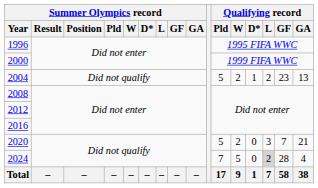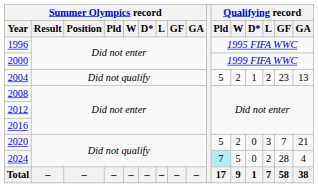 <table class="wikitable" style="text-align: center;">
 <tr>
 <th colspan=9><a href='#'>Summer Olympics</a> record</th>
 <th rowspan=11></th>
 <th colspan=6><a href='#'>Qualifying</a> record</th>
 </tr>
 <tr>
 <th>Year</th>
 <th>Result</th>
 <th>Position</th>
 <th>Pld</th>
 <th>W</th>
 <th>D*</th>
 <th>L</th>
 <th>GF</th>
 <th>GA</th>
 <th>Pld</th>
 <th>W</th>
 <th>D*</th>
 <th>L</th>
 <th>GF</th>
 <th>GA</th>
 </tr>
 <tr>
 <td> <a href='#'>1996</a></td>
 <td colspan=8 rowspan=2><em>Did not enter</em></td>
 <td colspan=6><em><a href='#'>1995 FIFA WWC</a></em></td>
 </tr>
 <tr>
 <td> <a href='#'>2000</a></td>
 <td colspan=6><em><a href='#'>1999 FIFA WWC</a></em></td>
 </tr>
 <tr>
 <td> <a href='#'>2004</a></td>
 <td colspan=8><em>Did not qualify</em></td>
 <td>5</td>
 <td>2</td>
 <td>1</td>
 <td>2</td>
 <td>23</td>
 <td>13</td>
 </tr>
 <tr>
 <td> <a href='#'>2008</a></td>
 <td colspan=8 rowspan=3><em>Did not enter</em></td>
 <td colspan=6 rowspan=3><em>Did not enter</em></td>
 </tr>
 <tr>
 <td> <a href='#'>2012</a></td>
 </tr>
 <tr>
 <td> <a href='#'>2016</a></td>
 </tr>
 <tr>
 <td> <a href='#'>2020</a></td>
 <td colspan=8 rowspan=2><em>Did not qualify</em></td>
 <td>5</td>
 <td>2</td>
 <td>0</td>
 <td>3</td>
 <td>7</td>
 <td>21</td>
 </tr>
 <tr>
 <td> <a href='#'>2024</a></td>
-<td>7</td>
+<td style="background: paleturquoise;">7</td>
 <td>5</td>
 <td>0</td>
-<td style="background: lightgrey;">2</td>
+<td>2</td>
 <td>28</td>
 <td>4</td>
 </tr>
 <tr>
 <th>Total</th>
 <th>–</th>
 <th>–</th>
 <th>–</th>
 <th>–</th>
 <th>–</th>
 <th>–</th>
 <th>–</th>
 <th>–</th>
 <th>17</th>
 <th>9</th>
 <th>1</th>
 <th>7</th>
 <th>58</th>
 <th>38</th>
 </tr>
 </table>
